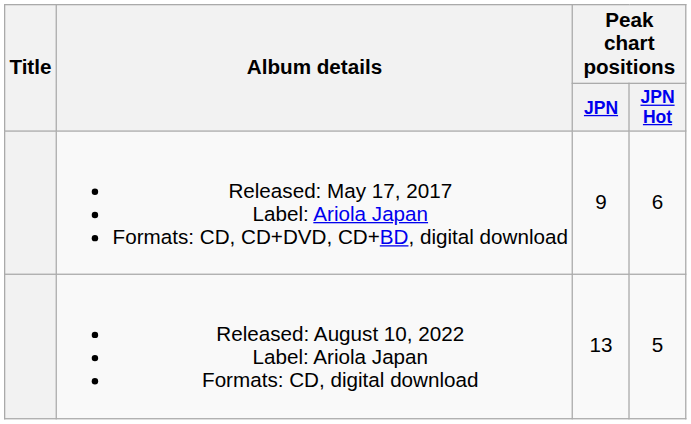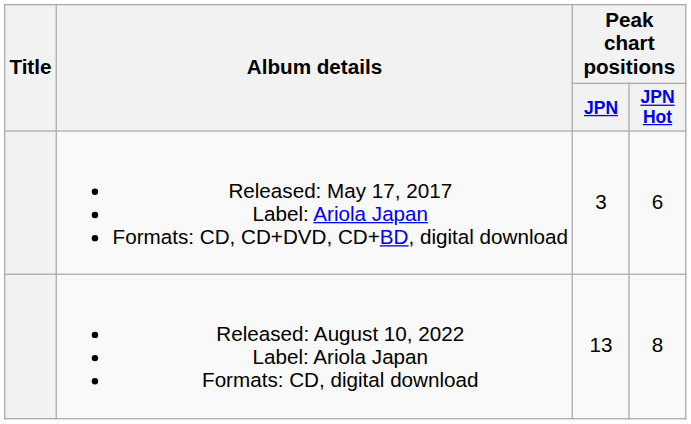 <table class="wikitable plainrowheaders" style="text-align:center;">
 <tr>
 <th scope="col" rowspan="2">Title</th>
 <th scope="col" rowspan="2">Album details</th>
 <th scope="col" colspan="2">Peak chart positions</th>
 </tr>
 <tr>
 <th scope="col" style="width:2.75em;font-size:85%"><a href='#'>JPN</a><br></th>
 <th scope="col" style="width:2.75em;font-size:85%"><a href='#'>JPN<br>Hot</a><br></th>
 </tr>
 <tr>
 <th scope="row"></th>
 <td><br><ul><li>Released: May 17, 2017</li><li>Label: <a href='#'>Ariola Japan</a></li><li>Formats: CD, CD+DVD, CD+<a href='#'>BD</a>, digital download</li></ul></td>
-<td>9</td>
+<td>3</td>
 <td>6</td>
 </tr>
 <tr>
 <th scope="row"></th>
 <td><br><ul><li>Released: August 10, 2022</li><li>Label: Ariola Japan</li><li>Formats: CD, digital download</li></ul></td>
 <td>13</td>
-<td>5</td>
+<td>8</td>
 </tr>
 </table>
